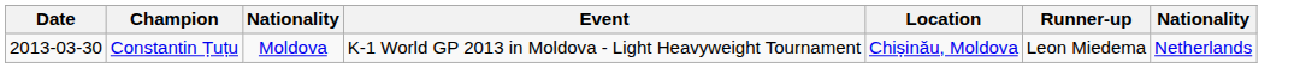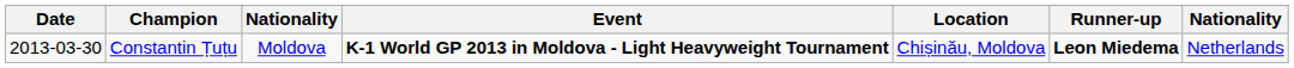 <table class="wikitable" style="text-align:center">
 <tr>
 </tr>
 <tr bgcolor="#dddddd">
 <th>Date</th>
 <th>Champion</th>
 <th>Nationality</th>
 <th>Event</th>
 <th>Location</th>
 <th>Runner-up</th>
 <th>Nationality</th>
 </tr>
 <tr>
 <td>2013-03-30</td>
 <td><a href='#'>Constantin Țuțu</a></td>
 <td> <a href='#'>Moldova</a></td>
-<td>K-1 World GP 2013 in Moldova - Light Heavyweight Tournament</td>
+<td><strong>K-1 World GP 2013 in Moldova - Light Heavyweight Tournament</strong></td>
 <td><a href='#'>Chișinău, Moldova</a></td>
-<td>Leon Miedema</td>
+<td><strong>Leon Miedema</strong></td>
 <td> <a href='#'>Netherlands</a></td>
 </tr>
 </table>
